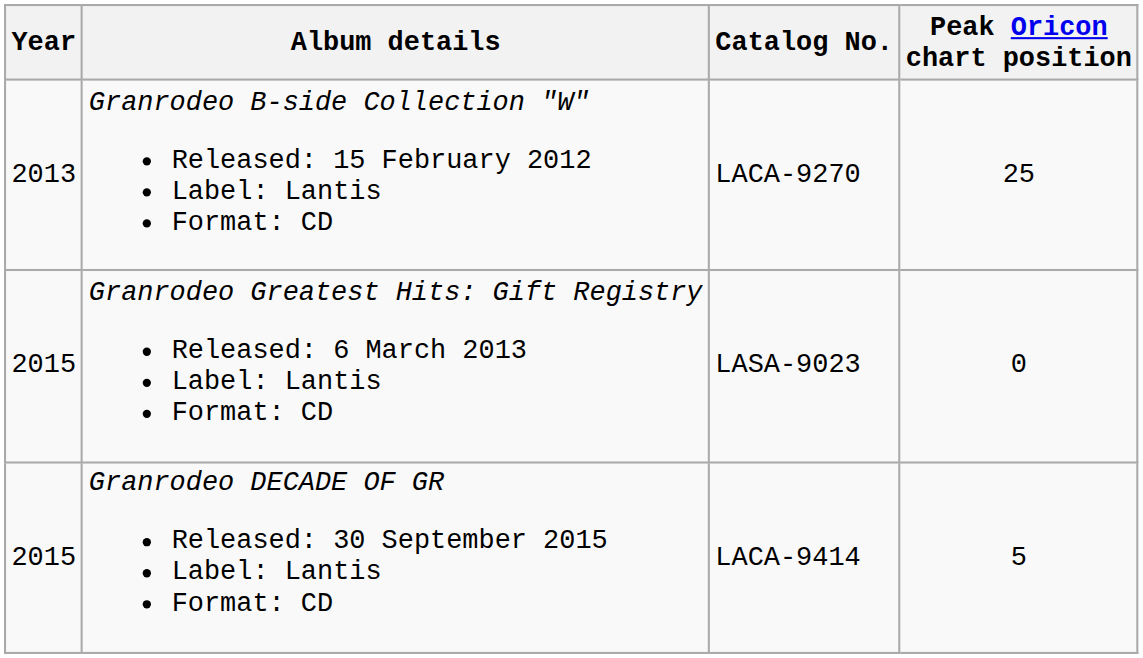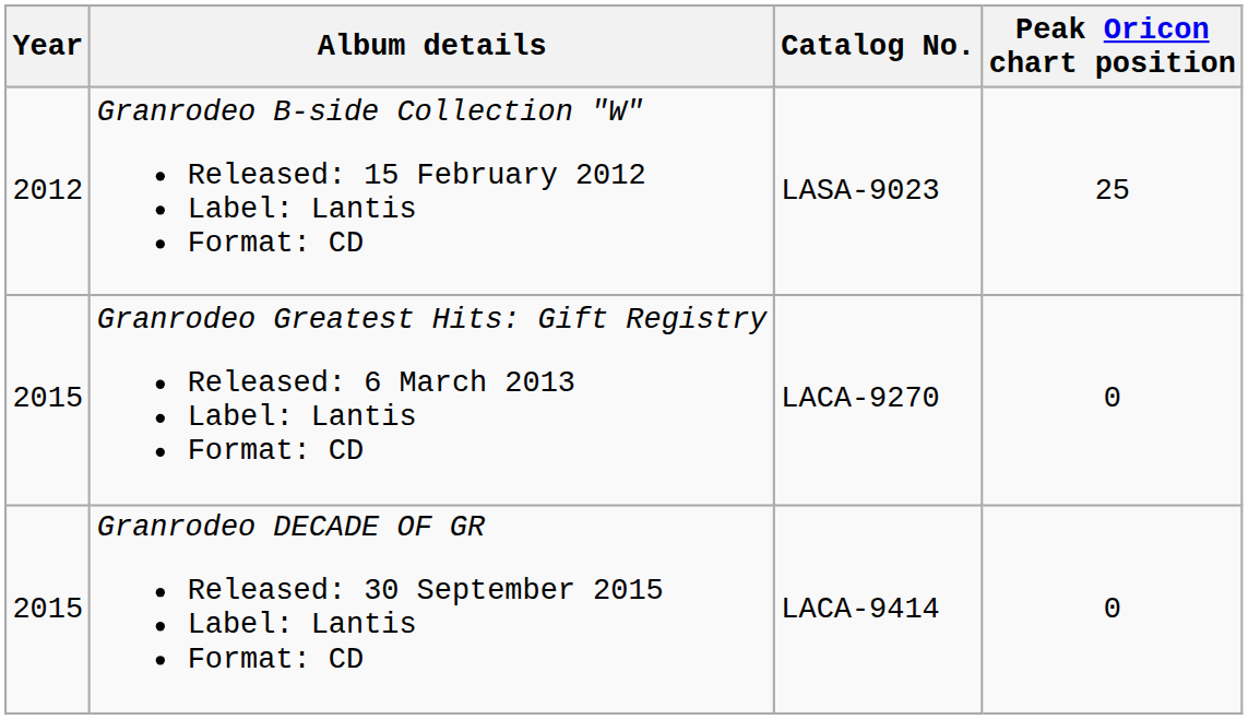 <table class="wikitable">
 <tr>
 <th>Year</th>
 <th>Album details</th>
 <th>Catalog No.</th>
 <th>Peak <a href='#'>Oricon</a><br> chart position</th>
 </tr>
 <tr>
-<td>2013</td>
+<td>2012</td>
 <td><em>Granrodeo B‐side Collection "W"</em><br><ul><li>Released: 15 February 2012</li><li>Label: Lantis</li><li>Format: CD</li></ul></td>
-<td>LACA-9270</td>
+<td>LASA-9023</td>
 <td align="center">25</td>
 </tr>
 <tr>
 <td>2015</td>
 <td><em>Granrodeo Greatest Hits: Gift Registry</em><br><ul><li>Released: 6 March 2013</li><li>Label: Lantis</li><li>Format: CD</li></ul></td>
-<td>LASA-9023</td>
+<td>LACA-9270</td>
 <td align="center">0</td>
 </tr>
 <tr>
 <td>2015</td>
 <td><em>Granrodeo DECADE OF GR</em><br><ul><li>Released: 30 September 2015</li><li>Label: Lantis</li><li>Format: CD</li></ul></td>
 <td>LACA-9414</td>
-<td align="center">5</td>
+<td align="center">0</td>
 </tr>
 </table>
